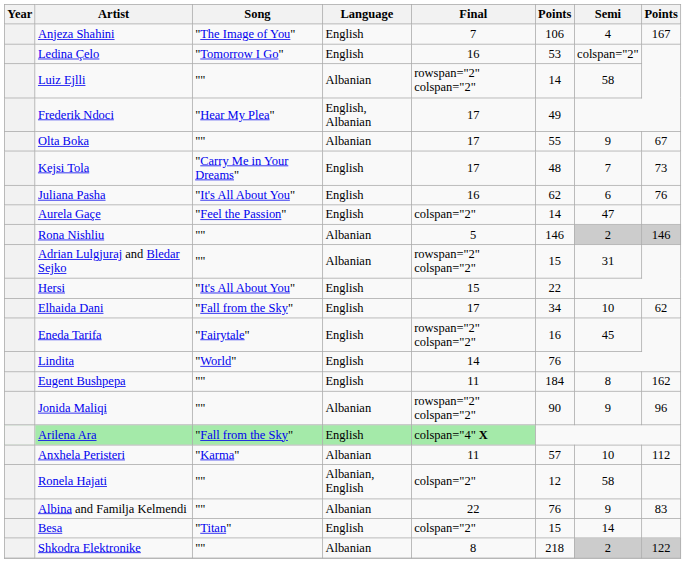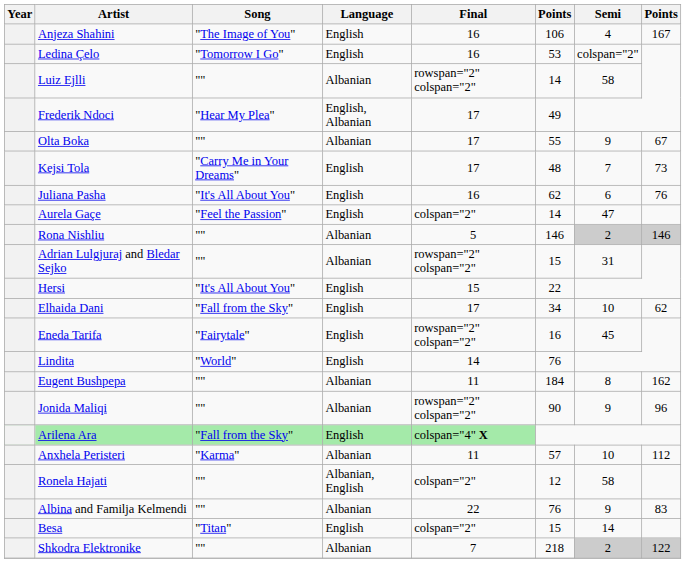 <table class="wikitable sortable plainrowheaders">
 <tr>
 <th scope="col">Year</th>
 <th scope="col">Artist</th>
 <th scope="col">Song</th>
 <th scope="col">Language</th>
 <th scope="col" data-sort-type="number">Final</th>
 <th scope="col" data-sort-type="number">Points</th>
 <th scope="col" data-sort-type="number">Semi</th>
 <th scope="col" data-sort-type="number">Points</th>
 </tr>
 <tr>
 <th scope="row" style="text-align:center;"></th>
 <td><a href='#'>Anjeza Shahini</a></td>
 <td>"<a href='#'>The Image of You</a>"</td>
 <td>English</td>
-<td style="text-align:center;">7</td>
+<td style="text-align:center;">16</td>
 <td style="text-align:center;">106</td>
 <td style="text-align:center;">4</td>
 <td style="text-align:center;">167</td>
 </tr>
 <tr>
 <th scope="row" style="text-align:center;"></th>
 <td><a href='#'>Ledina Çelo</a></td>
 <td>"<a href='#'>Tomorrow I Go</a>"</td>
 <td>English</td>
 <td style="text-align:center;">16</td>
 <td style="text-align:center;">53</td>
 <td>colspan="2" </td>
 </tr>
 <tr>
 <th scope="row" style="text-align:center;"></th>
 <td><a href='#'>Luiz Ejlli</a></td>
 <td>""</td>
 <td>Albanian</td>
 <td>rowspan="2" colspan="2" </td>
 <td style="text-align:center;">14</td>
 <td style="text-align:center;">58</td>
 </tr>
 <tr>
 <th scope="row" style="text-align:center;"></th>
 <td><a href='#'>Frederik Ndoci</a></td>
 <td>"<a href='#'>Hear My Plea</a>"</td>
 <td>English, Albanian</td>
 <td style="text-align:center;">17</td>
 <td style="text-align:center;">49</td>
 </tr>
 <tr>
 <th scope="row" style="text-align:center;"></th>
 <td><a href='#'>Olta Boka</a></td>
 <td>""</td>
 <td>Albanian</td>
 <td style="text-align:center;">17</td>
 <td style="text-align:center;">55</td>
 <td style="text-align:center;">9</td>
 <td style="text-align:center;">67</td>
 </tr>
 <tr>
 <th scope="row" style="text-align:center;"></th>
 <td><a href='#'>Kejsi Tola</a></td>
 <td>"<a href='#'>Carry Me in Your Dreams</a>"</td>
 <td>English</td>
 <td style="text-align:center;">17</td>
 <td style="text-align:center;">48</td>
 <td style="text-align:center;">7</td>
 <td style="text-align:center;">73</td>
 </tr>
 <tr>
 <th scope="row" style="text-align:center;"></th>
 <td><a href='#'>Juliana Pasha</a></td>
 <td>"<a href='#'>It's All About You</a>"</td>
 <td>English</td>
 <td style="text-align:center;">16</td>
 <td style="text-align:center;">62</td>
 <td style="text-align:center;">6</td>
 <td style="text-align:center;">76</td>
 </tr>
 <tr>
 <th scope="row" style="text-align:center;"></th>
 <td><a href='#'>Aurela Gaçe</a></td>
 <td>"<a href='#'>Feel the Passion</a>"</td>
 <td>English</td>
 <td>colspan="2" </td>
 <td style="text-align:center;">14</td>
 <td style="text-align:center;">47</td>
 </tr>
 <tr>
 <th scope="row" style="text-align:center;"></th>
 <td><a href='#'>Rona Nishliu</a></td>
 <td>""</td>
 <td>Albanian</td>
 <td style="text-align:center;">5</td>
 <td style="text-align:center;">146</td>
 <td style="text-align:center; background-color:#CCC">2</td>
 <td style="text-align:center; background-color:#CCC">146</td>
 </tr>
 <tr>
 <th scope="row" style="text-align:center;"></th>
 <td><a href='#'>Adrian Lulgjuraj</a> and <a href='#'>Bledar Sejko</a></td>
 <td>""</td>
 <td>Albanian</td>
 <td>rowspan="2" colspan="2" </td>
 <td style="text-align:center;">15</td>
 <td style="text-align:center;">31</td>
 </tr>
 <tr>
 <th scope="row" style="text-align:center;"></th>
 <td><a href='#'>Hersi</a></td>
 <td>"<a href='#'>It's All About You</a>"</td>
 <td>English</td>
 <td style="text-align:center;">15</td>
 <td style="text-align:center;">22</td>
 </tr>
 <tr>
 <th scope="row" style="text-align:center;"></th>
 <td><a href='#'>Elhaida Dani</a></td>
 <td>"<a href='#'>Fall from the Sky</a>"</td>
 <td>English</td>
 <td style="text-align:center;">17</td>
 <td style="text-align:center;">34</td>
 <td style="text-align:center;">10</td>
 <td style="text-align:center;">62</td>
 </tr>
 <tr>
 <th scope="row" style="text-align:center;"></th>
 <td><a href='#'>Eneda Tarifa</a></td>
 <td>"<a href='#'>Fairytale</a>"</td>
 <td>English</td>
 <td>rowspan="2" colspan="2" </td>
 <td style="text-align:center;">16</td>
 <td style="text-align:center;">45</td>
 </tr>
 <tr>
 <th scope="row" style="text-align:center;"></th>
 <td><a href='#'>Lindita</a></td>
 <td>"<a href='#'>World</a>"</td>
 <td>English</td>
 <td style="text-align:center;">14</td>
 <td style="text-align:center;">76</td>
 </tr>
 <tr>
 <th scope="row" style="text-align:center;"></th>
 <td><a href='#'>Eugent Bushpepa</a></td>
 <td>""</td>
-<td>English</td>
+<td>Albanian</td>
 <td style="text-align:center;">11</td>
 <td style="text-align:center;">184</td>
 <td style="text-align:center;">8</td>
 <td style="text-align:center;">162</td>
 </tr>
 <tr>
 <th scope="row" style="text-align:center;"></th>
 <td><a href='#'>Jonida Maliqi</a></td>
 <td>""</td>
 <td>Albanian</td>
 <td>rowspan="2" colspan="2" </td>
 <td style="text-align:center;">90</td>
 <td style="text-align:center;">9</td>
 <td style="text-align:center;">96</td>
 </tr>
 <tr style="background-color:#A4EAA9;">
 <th scope="row" style="text-align:center;"></th>
 <td><a href='#'>Arilena Ara</a></td>
 <td>"<a href='#'>Fall from the Sky</a>"</td>
 <td>English</td>
 <td>colspan="4"  <strong>X</strong></td>
 </tr>
 <tr>
 <th scope="row" style="text-align:center;"></th>
 <td><a href='#'>Anxhela Peristeri</a></td>
 <td>"<a href='#'>Karma</a>"</td>
 <td>Albanian</td>
 <td style="text-align:center;">11</td>
 <td style="text-align:center;">57</td>
 <td style="text-align:center;">10</td>
 <td style="text-align:center;">112</td>
 </tr>
 <tr>
 <th scope="row" style="text-align:center;"></th>
 <td><a href='#'>Ronela Hajati</a></td>
 <td>""</td>
 <td>Albanian, English</td>
 <td>colspan="2" </td>
 <td style="text-align:center;">12</td>
 <td style="text-align:center;">58</td>
 </tr>
 <tr>
 <th scope="row" style="text-align:center;"></th>
 <td><a href='#'>Albina</a> and Familja Kelmendi</td>
 <td>""</td>
 <td>Albanian</td>
 <td style="text-align:center;">22</td>
 <td style="text-align:center;">76</td>
 <td style="text-align:center;">9</td>
 <td style="text-align:center;">83</td>
 </tr>
 <tr>
 <th scope="row" style="text-align:center;"></th>
 <td><a href='#'>Besa</a></td>
 <td>"<a href='#'>Titan</a>"</td>
 <td>English</td>
 <td>colspan="2" </td>
 <td style="text-align:center;">15</td>
 <td style="text-align:center;">14</td>
 </tr>
 <tr>
 <th scope="row" style="text-align:center;"></th>
 <td><a href='#'>Shkodra Elektronike</a></td>
 <td>""</td>
 <td>Albanian</td>
-<td style="text-align:center;">8</td>
+<td style="text-align:center;">7</td>
 <td style="text-align:center;">218</td>
 <td style="text-align:center; background-color:#CCC">2</td>
 <td style="text-align:center; background-color:#CCC">122</td>
 </tr>
 <tr>
 </tr>
 </table>
